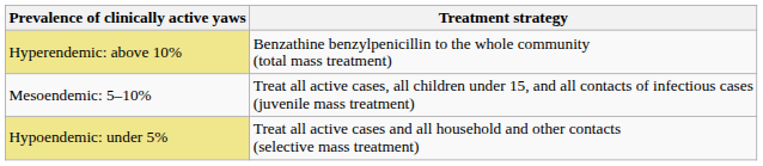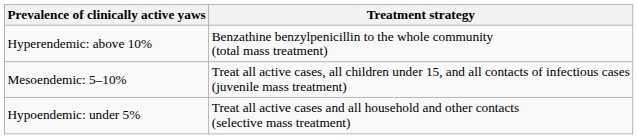 <table class="wikitable">
 <tr>
 <th>Prevalence of clinically active yaws</th>
 <th>Treatment strategy</th>
 </tr>
 <tr>
-<td style="background: khaki;">Hyperendemic: above 10%</td>
+<td>Hyperendemic: above 10%</td>
 <td>Benzathine benzylpenicillin to the whole community<br>(total mass treatment)</td>
 </tr>
 <tr>
 <td>Mesoendemic: 5–10%</td>
 <td>Treat all active cases, all children under 15, and all contacts of infectious cases<br>(juvenile mass treatment)</td>
 </tr>
 <tr>
-<td style="background: khaki;">Hypoendemic: under 5%</td>
+<td>Hypoendemic: under 5%</td>
 <td>Treat all active cases and all household and other contacts<br>(selective mass treatment)</td>
 </tr>
 </table>
